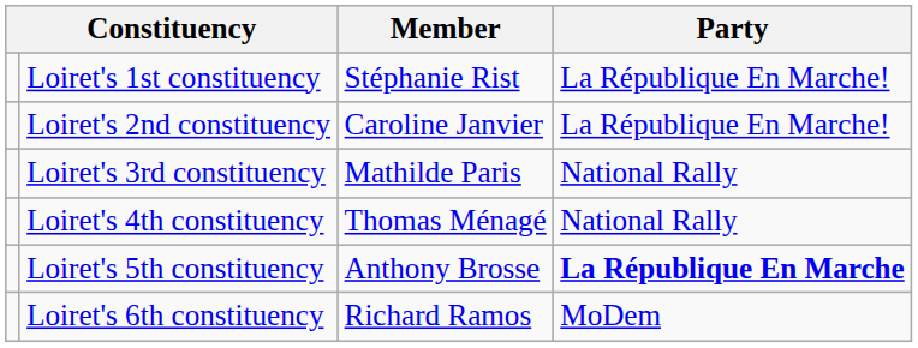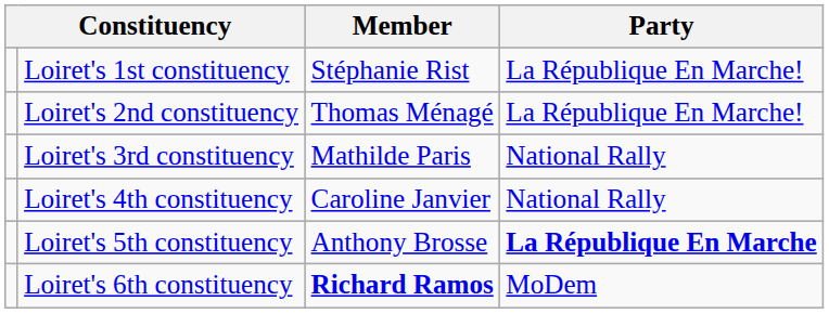 <table class="wikitable">
 <tr>
 <th colspan="2">Constituency</th>
 <th>Member</th>
 <th>Party</th>
 </tr>
 <tr>
 <td style="background-color: "></td>
 <td><a href='#'>Loiret's 1st constituency</a></td>
 <td><a href='#'>Stéphanie Rist</a></td>
 <td><a href='#'>La République En Marche!</a></td>
 </tr>
 <tr>
 <td style="background-color: "></td>
 <td><a href='#'>Loiret's 2nd constituency</a></td>
-<td><a href='#'>Caroline Janvier</a></td>
+<td><a href='#'>Thomas Ménagé</a></td>
 <td><a href='#'>La République En Marche!</a></td>
 </tr>
 <tr>
 <td style="background-color: "></td>
 <td><a href='#'>Loiret's 3rd constituency</a></td>
 <td><a href='#'>Mathilde Paris</a></td>
 <td><a href='#'>National Rally</a></td>
 </tr>
 <tr>
 <td style="background-color: "></td>
 <td><a href='#'>Loiret's 4th constituency</a></td>
-<td><a href='#'>Thomas Ménagé</a></td>
+<td><a href='#'>Caroline Janvier</a></td>
 <td><a href='#'>National Rally</a></td>
 </tr>
 <tr>
 <td style="background-color: "></td>
 <td><a href='#'>Loiret's 5th constituency</a></td>
 <td><a href='#'>Anthony Brosse</a></td>
 <td><strong><a href='#'>La République En Marche</a></strong></td>
 </tr>
 <tr>
 <td style="background-color: "></td>
 <td><a href='#'>Loiret's 6th constituency</a></td>
-<td><a href='#'>Richard Ramos</a></td>
+<td><strong><a href='#'>Richard Ramos</a></strong></td>
 <td><a href='#'>MoDem</a></td>
 </tr>
 </table>
